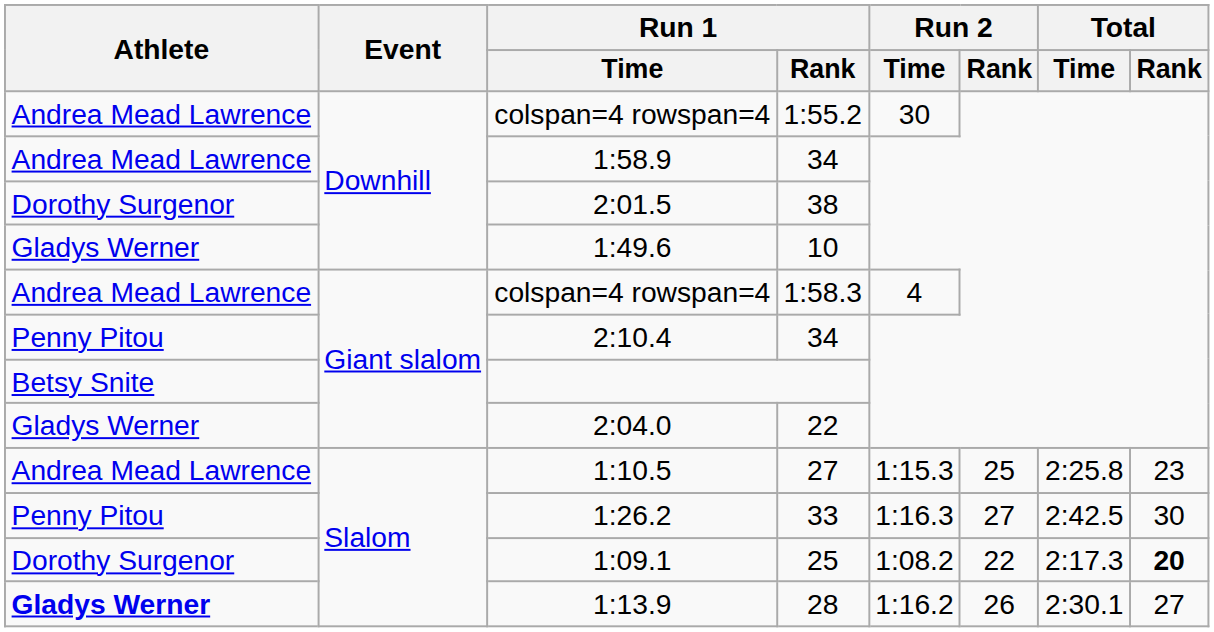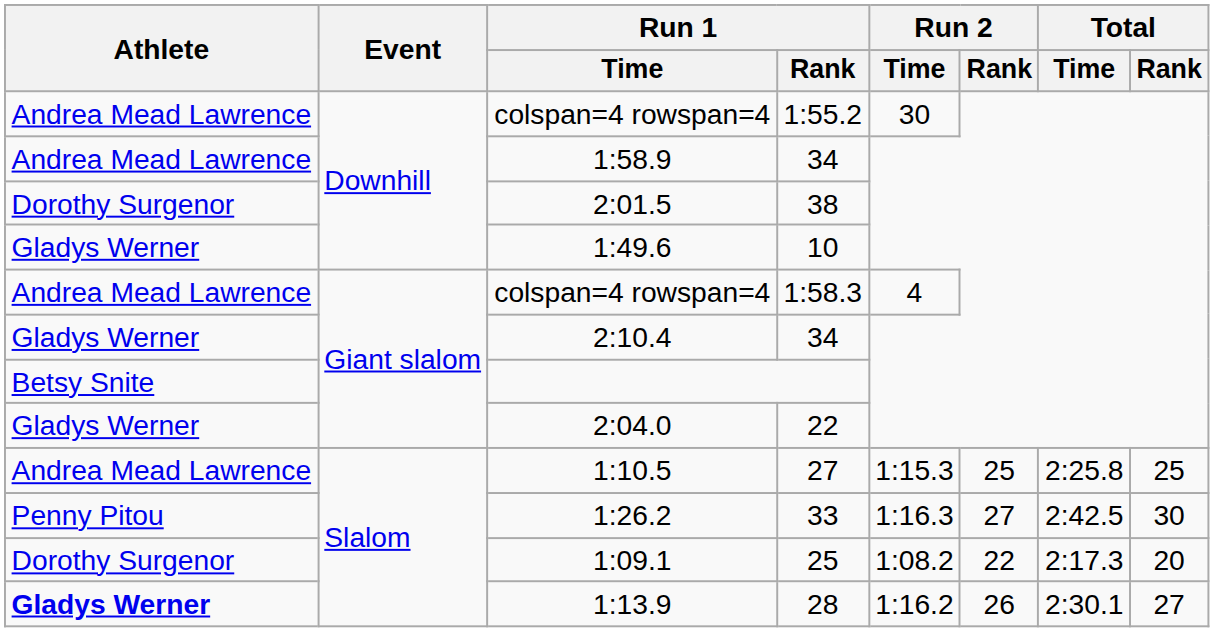 <table class=wikitable style=font-size:90%;text-align:center>
 <tr>
 <th rowspan=2>Athlete</th>
 <th rowspan=2>Event</th>
 <th colspan=2>Run 1</th>
 <th colspan=2>Run 2</th>
 <th colspan=2>Total</th>
 </tr>
 <tr style=font-size:95%>
 <th>Time</th>
 <th>Rank</th>
 <th>Time</th>
 <th>Rank</th>
 <th>Time</th>
 <th>Rank</th>
 </tr>
 <tr>
 <td align=left><a href='#'>Andrea Mead Lawrence</a></td>
 <td align=left rowspan=4><a href='#'>Downhill</a></td>
 <td>colspan=4 rowspan=4 </td>
 <td>1:55.2</td>
 <td>30</td>
 </tr>
 <tr>
 <td align=left><a href='#'>Andrea Mead Lawrence</a></td>
 <td>1:58.9</td>
 <td>34</td>
 </tr>
 <tr>
 <td align=left><a href='#'>Dorothy Surgenor</a></td>
 <td>2:01.5</td>
 <td>38</td>
 </tr>
 <tr>
 <td align=left><a href='#'>Gladys Werner</a></td>
 <td>1:49.6</td>
 <td>10</td>
 </tr>
 <tr>
 <td align=left><a href='#'>Andrea Mead Lawrence</a></td>
 <td align=left rowspan=4><a href='#'>Giant slalom</a></td>
 <td>colspan=4 rowspan=4 </td>
 <td>1:58.3</td>
 <td>4</td>
 </tr>
 <tr>
-<td align=left><a href='#'>Penny Pitou</a></td>
+<td align=left><a href='#'>Gladys Werner</a></td>
 <td>2:10.4</td>
 <td>34</td>
 </tr>
 <tr>
 <td align=left><a href='#'>Betsy Snite</a></td>
 <td colspan=2></td>
 </tr>
 <tr>
 <td align=left><a href='#'>Gladys Werner</a></td>
 <td>2:04.0</td>
 <td>22</td>
 </tr>
 <tr>
 <td align=left><a href='#'>Andrea Mead Lawrence</a></td>
 <td align=left rowspan=4><a href='#'>Slalom</a></td>
 <td>1:10.5</td>
 <td>27</td>
 <td>1:15.3</td>
 <td>25</td>
 <td>2:25.8</td>
-<td>23</td>
+<td>25</td>
 </tr>
 <tr>
 <td align=left><a href='#'>Penny Pitou</a></td>
 <td>1:26.2</td>
 <td>33</td>
 <td>1:16.3</td>
 <td>27</td>
 <td>2:42.5</td>
 <td>30</td>
 </tr>
 <tr>
 <td align=left><a href='#'>Dorothy Surgenor</a></td>
 <td>1:09.1</td>
 <td>25</td>
 <td>1:08.2</td>
 <td>22</td>
 <td>2:17.3</td>
-<td><strong>20</strong></td>
+<td>20</td>
 </tr>
 <tr>
 <td align=left><strong><a href='#'>Gladys Werner</a></strong></td>
 <td>1:13.9</td>
 <td>28</td>
 <td>1:16.2</td>
 <td>26</td>
 <td>2:30.1</td>
 <td>27</td>
 </tr>
 </table>
